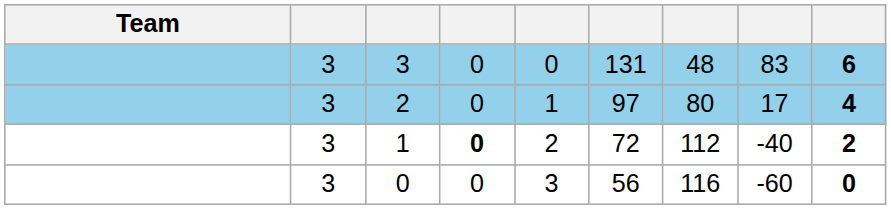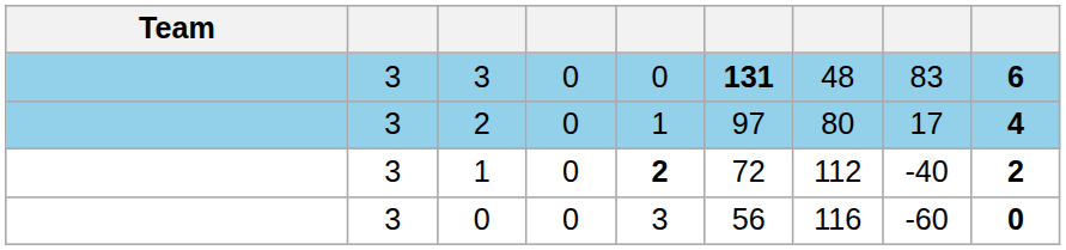 <table class=wikitable style="text-align:center">
 <tr>
 <th width=175>Team</th>
 <th width=40></th>
 <th width=40></th>
 <th width=40></th>
 <th width=40></th>
 <th width=40></th>
 <th width=40></th>
 <th width=40></th>
 <th width=40></th>
 </tr>
 <tr style="background:#93d0ea;">
 <td align=left></td>
 <td>3</td>
 <td>3</td>
 <td>0</td>
 <td>0</td>
-<td>131</td>
+<td><strong>131</strong></td>
 <td>48</td>
 <td>83</td>
 <td><strong>6</strong></td>
 </tr>
 <tr style="background:#93d0ea;">
 <td align=left></td>
 <td>3</td>
 <td>2</td>
 <td>0</td>
 <td>1</td>
 <td>97</td>
 <td>80</td>
 <td>17</td>
 <td><strong>4</strong></td>
 </tr>
 <tr style="background:white;">
 <td align=left></td>
 <td>3</td>
 <td>1</td>
-<td><strong>0</strong></td>
-<td>2</td>
+<td>0</td>
+<td><strong>2</strong></td>
 <td>72</td>
 <td>112</td>
 <td>-40</td>
 <td><strong>2</strong></td>
 </tr>
 <tr style="background:white;">
 <td align=left></td>
 <td>3</td>
 <td>0</td>
 <td>0</td>
 <td>3</td>
 <td>56</td>
 <td>116</td>
 <td>-60</td>
 <td><strong>0</strong></td>
 </tr>
 </table>
